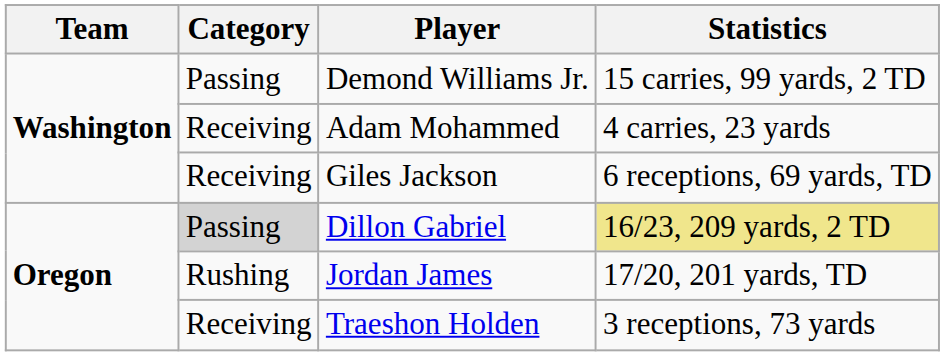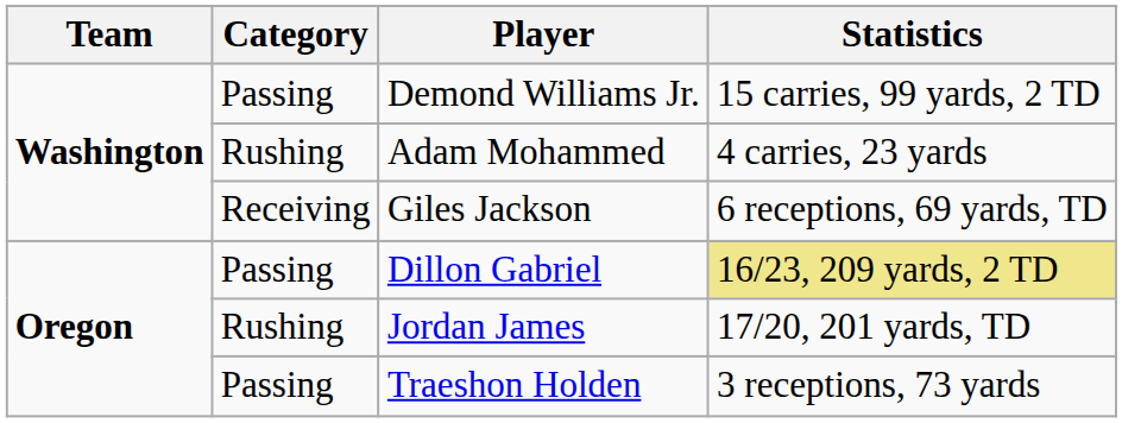 <table class="wikitable" style="float: right;">
 <tr>
 <th>Team</th>
 <th>Category</th>
 <th>Player</th>
 <th>Statistics</th>
 </tr>
 <tr>
 <td rowspan=3><strong>Washington</strong></td>
 <td>Passing</td>
 <td>Demond Williams Jr.</td>
 <td>15 carries, 99 yards, 2 TD</td>
 </tr>
 <tr>
-<td>Receiving</td>
+<td>Rushing</td>
 <td>Adam Mohammed</td>
 <td>4 carries, 23 yards</td>
 </tr>
 <tr>
 <td>Receiving</td>
 <td>Giles Jackson</td>
 <td>6 receptions, 69 yards, TD</td>
 </tr>
 <tr>
 <td rowspan=3><strong>Oregon</strong></td>
-<td style="background: lightgrey;">Passing</td>
+<td>Passing</td>
 <td><a href='#'>Dillon Gabriel</a></td>
 <td style="background: khaki;">16/23, 209 yards, 2 TD</td>
 </tr>
 <tr>
 <td>Rushing</td>
 <td><a href='#'>Jordan James</a></td>
 <td>17/20, 201 yards, TD</td>
 </tr>
 <tr>
-<td>Receiving</td>
+<td>Passing</td>
 <td><a href='#'>Traeshon Holden</a></td>
 <td>3 receptions, 73 yards</td>
 </tr>
 </table>
